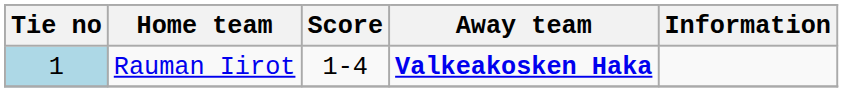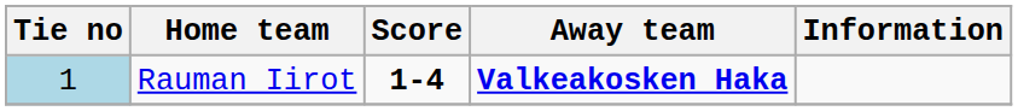 <table class="wikitable" style="text-align:center">
 <tr>
 <th style= width="40px">Tie no</th>
 <th style= width="150px">Home team</th>
 <th style= width="60px">Score</th>
 <th style= width="150px">Away team</th>
 <th style= width="30px">Information</th>
 </tr>
 <tr>
 <td style="background: lightblue;">1</td>
 <td><a href='#'>Rauman Iirot</a></td>
-<td>1-4</td>
+<td><strong>1-4</strong></td>
 <td><strong><a href='#'>Valkeakosken Haka</a></strong></td>
 <td></td>
 </tr>
 <tr>
 </tr>
 </table>
